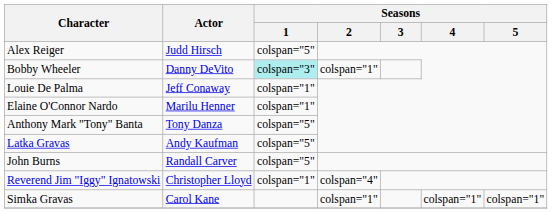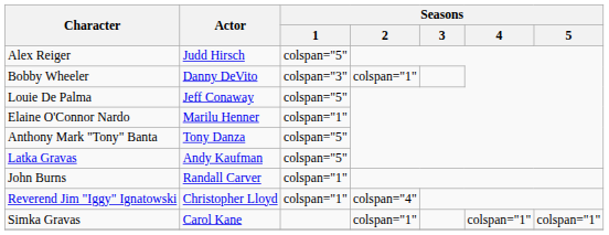 <table class="wikitable plainrowheaders" style="white-space:nowrap;">
 <tr>
 <th scope="col" rowspan="2">Character</th>
 <th scope="col" rowspan="2">Actor</th>
 <th scope="col" colspan="11">Seasons</th>
 </tr>
 <tr>
 <th scope="col" style="width:3em;">1</th>
 <th scope="col" style="width:3em;">2</th>
 <th scope="col" style="width:3em;">3</th>
 <th scope="col" style="width:3em;">4</th>
 <th scope="col" style="width:3em;">5</th>
 </tr>
 <tr>
 <td scope="row">Alex Reiger</td>
 <td><a href='#'>Judd Hirsch</a></td>
 <td>colspan="5" </td>
 </tr>
 <tr>
 <td scope="row">Bobby Wheeler</td>
 <td><a href='#'>Danny DeVito</a></td>
-<td style="background: paleturquoise;">colspan="3" </td>
+<td>colspan="3" </td>
 <td>colspan="1" </td>
 <td colspan="1"></td>
 </tr>
 <tr>
 <td scope="row">Louie De Palma</td>
 <td><a href='#'>Jeff Conaway</a></td>
-<td>colspan="1" </td>
+<td>colspan="5" </td>
 </tr>
 <tr>
 <td scope="row">Elaine O'Connor Nardo</td>
 <td><a href='#'>Marilu Henner</a></td>
 <td>colspan="1" </td>
 </tr>
 <tr>
 <td scope="row">Anthony Mark "Tony" Banta</td>
 <td><a href='#'>Tony Danza</a></td>
 <td>colspan="5" </td>
 </tr>
 <tr>
 <td scope="row"><a href='#'>Latka Gravas</a></td>
 <td><a href='#'>Andy Kaufman</a></td>
 <td>colspan="5" </td>
 </tr>
 <tr>
 <td scope="row">John Burns</td>
 <td><a href='#'>Randall Carver</a></td>
-<td>colspan="5" </td>
+<td>colspan="1" </td>
 <td colspan="4"></td>
 </tr>
 <tr>
 <td scope="row"><a href='#'>Reverend Jim "Iggy" Ignatowski</a></td>
 <td><a href='#'>Christopher Lloyd</a></td>
 <td>colspan="1" </td>
 <td>colspan="4" </td>
 </tr>
 <tr>
 <td scope="row">Simka Gravas</td>
 <td><a href='#'>Carol Kane</a></td>
 <td colspan="1"></td>
 <td>colspan="1" </td>
 <td colspan="1"></td>
 <td>colspan="1" </td>
 <td>colspan="1" </td>
 </tr>
 <tr>
 </tr>
 </table>
